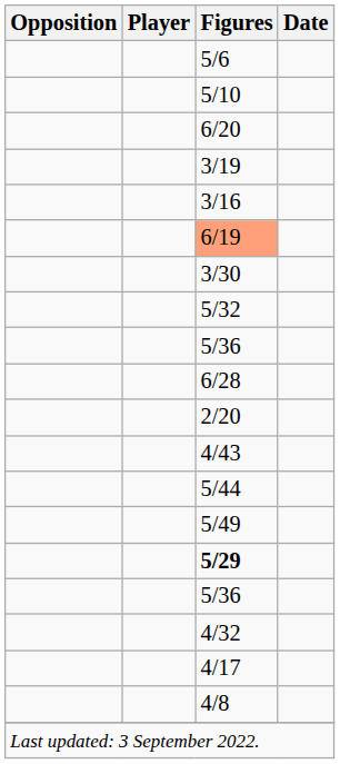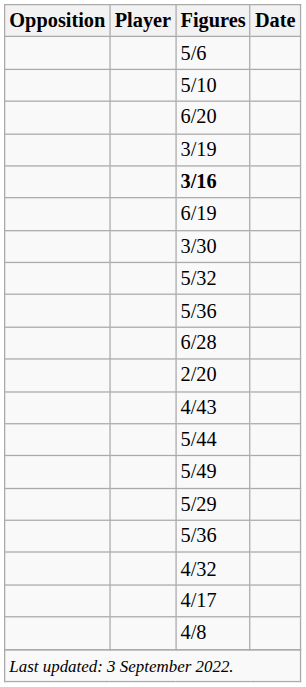 <table class="wikitable sortable">
 <tr>
 <th>Opposition</th>
 <th>Player</th>
 <th>Figures</th>
 <th>Date</th>
 </tr>
 <tr>
 <td></td>
 <td></td>
 <td>5/6</td>
 <td></td>
 </tr>
 <tr>
 <td></td>
 <td></td>
 <td>5/10</td>
 <td></td>
 </tr>
 <tr>
 <td></td>
 <td></td>
 <td>6/20</td>
 <td></td>
 </tr>
 <tr>
 <td></td>
 <td></td>
 <td>3/19</td>
 <td></td>
 </tr>
 <tr>
 <td></td>
 <td></td>
-<td>3/16</td>
+<td><strong>3/16</strong></td>
 <td> </td>
 </tr>
 <tr>
 <td></td>
 <td></td>
-<td style="background: lightsalmon;">6/19</td>
+<td>6/19</td>
 <td></td>
 </tr>
 <tr>
 <td></td>
 <td></td>
 <td>3/30</td>
 <td></td>
 </tr>
 <tr>
 <td></td>
 <td></td>
 <td>5/32</td>
 <td></td>
 </tr>
 <tr>
 <td></td>
 <td></td>
 <td>5/36</td>
 <td></td>
 </tr>
 <tr>
 <td></td>
 <td></td>
 <td>6/28</td>
 <td></td>
 </tr>
 <tr>
 <td></td>
 <td></td>
 <td>2/20</td>
 <td> </td>
 </tr>
 <tr>
 <td></td>
 <td></td>
 <td>4/43</td>
 <td></td>
 </tr>
 <tr>
 <td></td>
 <td></td>
 <td>5/44</td>
 <td></td>
 </tr>
 <tr>
 <td></td>
 <td></td>
 <td>5/49</td>
 <td></td>
 </tr>
 <tr>
 <td></td>
 <td></td>
-<td><strong>5/29</strong></td>
+<td>5/29</td>
 <td></td>
 </tr>
 <tr>
 <td></td>
 <td></td>
 <td>5/36</td>
 <td></td>
 </tr>
 <tr>
 <td></td>
 <td></td>
 <td>4/32</td>
 <td></td>
 </tr>
 <tr>
 <td></td>
 <td></td>
 <td>4/17</td>
 <td></td>
 </tr>
 <tr>
 <td></td>
 <td></td>
 <td>4/8</td>
 <td></td>
 </tr>
 <tr>
 </tr>
 <tr class=sortbottom>
 <td colspan=5><small><em>Last updated: 3 September 2022.</em></small></td>
 </tr>
 </table>
